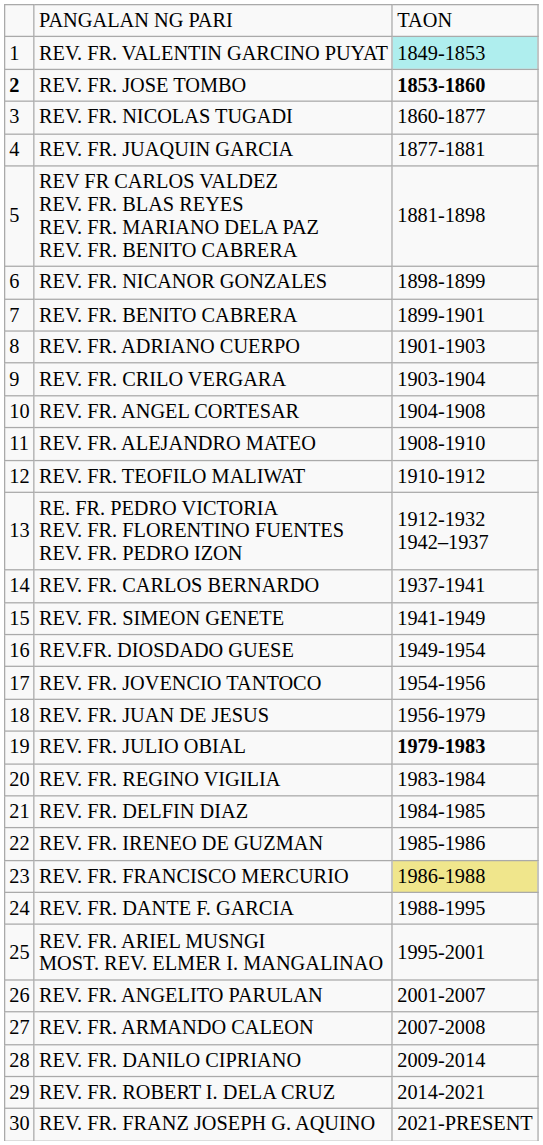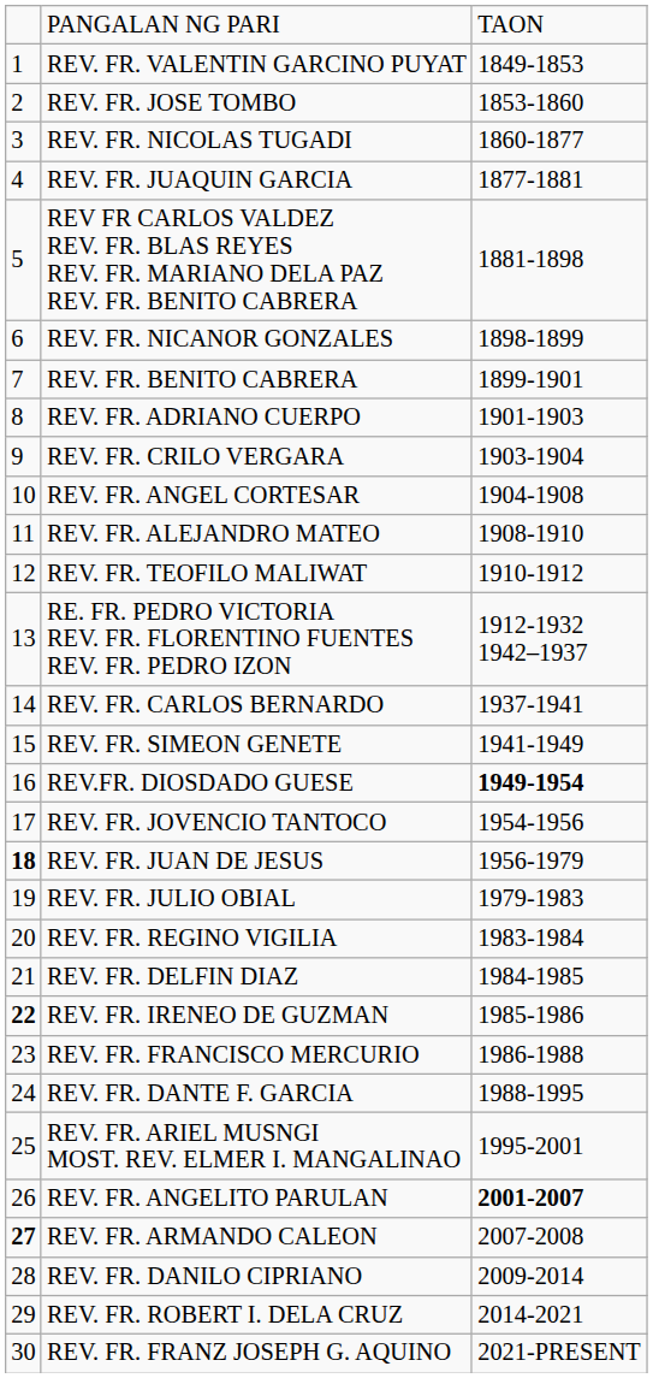 <table class="wikitable">
 <tr>
 <td></td>
 <td>PANGALAN NG PARI</td>
 <td>TAON</td>
 </tr>
 <tr>
 <td>1</td>
 <td>REV. FR.  VALENTIN GARCINO PUYAT</td>
-<td style="background: paleturquoise;">1849-1853</td>
+<td>1849-1853</td>
 </tr>
 <tr>
-<td><strong>2</strong></td>
+<td>2</td>
 <td>REV. FR. JOSE  TOMBO</td>
-<td><strong>1853-1860</strong></td>
+<td>1853-1860</td>
 </tr>
 <tr>
 <td>3</td>
 <td>REV. FR. NICOLAS  TUGADI</td>
 <td>1860-1877</td>
 </tr>
 <tr>
 <td>4</td>
 <td>REV. FR. JUAQUIN  GARCIA</td>
 <td>1877-1881</td>
 </tr>
 <tr>
 <td>5</td>
 <td>REV FR CARLOS  VALDEZ<br>REV. FR. BLAS  REYES<br>REV. FR. MARIANO  DELA PAZ<br>REV. FR. BENITO  CABRERA</td>
 <td>1881-1898</td>
 </tr>
 <tr>
 <td>6</td>
 <td>REV. FR. NICANOR  GONZALES</td>
 <td>1898-1899</td>
 </tr>
 <tr>
 <td>7</td>
 <td>REV. FR. BENITO  CABRERA</td>
 <td>1899-1901</td>
 </tr>
 <tr>
 <td>8</td>
 <td>REV. FR. ADRIANO  CUERPO</td>
 <td>1901-1903</td>
 </tr>
 <tr>
 <td>9</td>
 <td>REV. FR. CRILO  VERGARA</td>
 <td>1903-1904</td>
 </tr>
 <tr>
 <td>10</td>
 <td>REV. FR. ANGEL  CORTESAR</td>
 <td>1904-1908</td>
 </tr>
 <tr>
 <td>11</td>
 <td>REV. FR. ALEJANDRO  MATEO</td>
 <td>1908-1910</td>
 </tr>
 <tr>
 <td>12</td>
 <td>REV. FR. TEOFILO  MALIWAT</td>
 <td>1910-1912</td>
 </tr>
 <tr>
 <td>13</td>
 <td>RE. FR. PEDRO  VICTORIA<br>REV. FR.  FLORENTINO FUENTES<br>REV. FR. PEDRO  IZON</td>
 <td>1912-1932<br>1942–1937</td>
 </tr>
 <tr>
 <td>14</td>
 <td>REV. FR. CARLOS  BERNARDO</td>
 <td>1937-1941</td>
 </tr>
 <tr>
 <td>15</td>
 <td>REV. FR. SIMEON  GENETE</td>
 <td>1941-1949</td>
 </tr>
 <tr>
 <td>16</td>
 <td>REV.FR. DIOSDADO  GUESE</td>
-<td>1949-1954</td>
+<td><strong>1949-1954</strong></td>
 </tr>
 <tr>
 <td>17</td>
 <td>REV. FR.  JOVENCIO TANTOCO</td>
 <td>1954-1956</td>
 </tr>
 <tr>
-<td>18</td>
+<td><strong>18</strong></td>
 <td>REV. FR. JUAN DE  JESUS</td>
 <td>1956-1979</td>
 </tr>
 <tr>
 <td>19</td>
 <td>REV. FR. JULIO  OBIAL</td>
-<td><strong>1979-1983</strong></td>
+<td>1979-1983</td>
 </tr>
 <tr>
 <td>20</td>
 <td>REV. FR. REGINO  VIGILIA</td>
 <td>1983-1984</td>
 </tr>
 <tr>
 <td>21</td>
 <td>REV. FR. DELFIN  DIAZ</td>
 <td>1984-1985</td>
 </tr>
 <tr>
-<td>22</td>
+<td><strong>22</strong></td>
 <td>REV. FR. IRENEO  DE GUZMAN</td>
 <td>1985-1986</td>
 </tr>
 <tr>
 <td>23</td>
 <td>REV. FR.  FRANCISCO MERCURIO</td>
-<td style="background: khaki;">1986-1988</td>
+<td>1986-1988</td>
 </tr>
 <tr>
 <td>24</td>
 <td>REV. FR. DANTE  F. GARCIA</td>
 <td>1988-1995</td>
 </tr>
 <tr>
 <td>25</td>
 <td>REV. FR. ARIEL  MUSNGI<br>MOST. REV. ELMER  I. MANGALINAO</td>
 <td>1995-2001</td>
 </tr>
 <tr>
 <td>26</td>
 <td>REV. FR.  ANGELITO PARULAN</td>
-<td>2001-2007</td>
+<td><strong>2001-2007</strong></td>
 </tr>
 <tr>
-<td>27</td>
+<td><strong>27</strong></td>
 <td>REV. FR. ARMANDO  CALEON</td>
 <td>2007-2008</td>
 </tr>
 <tr>
 <td>28</td>
 <td>REV. FR. DANILO  CIPRIANO</td>
 <td>2009-2014</td>
 </tr>
 <tr>
 <td>29</td>
 <td>REV. FR. ROBERT  I. DELA CRUZ</td>
 <td>2014-2021</td>
 </tr>
 <tr>
 <td>30</td>
 <td>REV. FR. FRANZ  JOSEPH G. AQUINO</td>
 <td>2021-PRESENT</td>
 </tr>
 </table>
